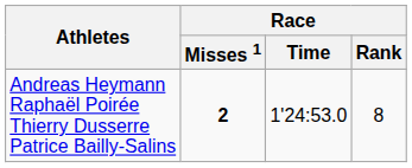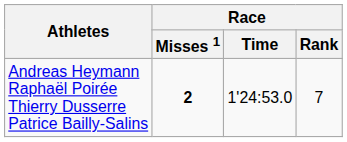 <table class="wikitable" border="1" style="font-size:90%">
 <tr>
 <th rowspan=2>Athletes</th>
 <th colspan=3>Race</th>
 </tr>
 <tr>
 <th>Misses <sup>1</sup></th>
 <th>Time</th>
 <th>Rank</th>
 </tr>
 <tr>
 <td><a href='#'>Andreas Heymann</a><br><a href='#'>Raphaël Poirée</a><br><a href='#'>Thierry Dusserre</a><br><a href='#'>Patrice Bailly-Salins</a></td>
 <td align=center><strong>2</strong></td>
 <td align=center>1'24:53.0</td>
-<td align=center>8</td>
+<td align=center>7</td>
 </tr>
 </table>
